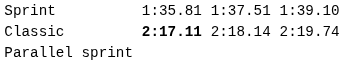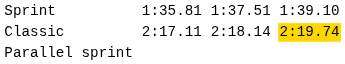 <table>
 <tr>
 <td>Sprint</td>
 <td></td>
 <td>1:35.81</td>
 <td></td>
 <td>1:37.51</td>
 <td></td>
 <td>1:39.10</td>
 </tr>
 <tr>
 <td>Classic</td>
 <td></td>
-<td><strong>2:17.11</strong></td>
+<td>2:17.11</td>
 <td></td>
 <td>2:18.14</td>
 <td></td>
-<td>2:19.74</td>
+<td style="background: gold;">2:19.74</td>
 </tr>
 <tr>
 <td>Parallel sprint</td>
 <td colspan="2"></td>
 <td colspan="2"></td>
 <td colspan="2"></td>
 </tr>
 </table>
